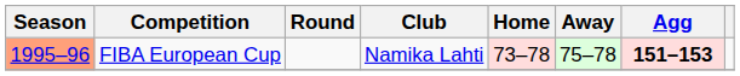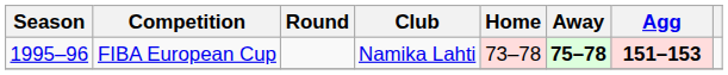 <table class="wikitable mw-collapsible" style="font-size:95%;">
 <tr>
 <th>Season</th>
 <th>Competition</th>
 <th>Round</th>
 <th>Club</th>
 <th>Home</th>
 <th>Away</th>
 <th width="70"><a href='#'>Agg</a></th>
 <th></th>
 </tr>
 <tr>
-<td style="background: lightsalmon;"><a href='#'>1995–96</a></td>
+<td><a href='#'>1995–96</a></td>
 <td><a href='#'>FIBA European Cup</a></td>
 <td></td>
 <td> <a href='#'>Namika Lahti</a></td>
 <td style="text-align:center;" bgcolor=#fdd>73–78</td>
-<td style="text-align:center;" bgcolor=#dfd>75–78</td>
+<td style="text-align:center;" bgcolor=#dfd><strong>75–78</strong></td>
 <td style="text-align:center;" bgcolor=#fdd><strong>151–153</strong></td>
 <td></td>
 </tr>
 <tr>
 </tr>
 </table>
